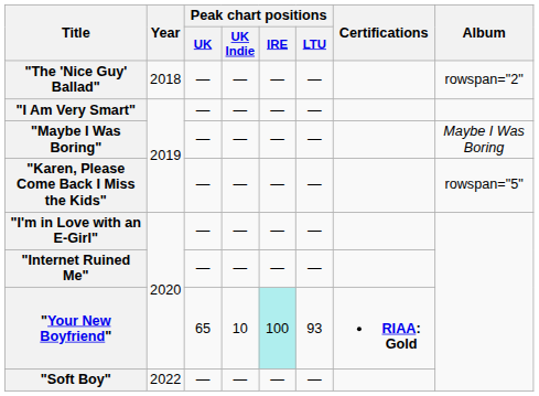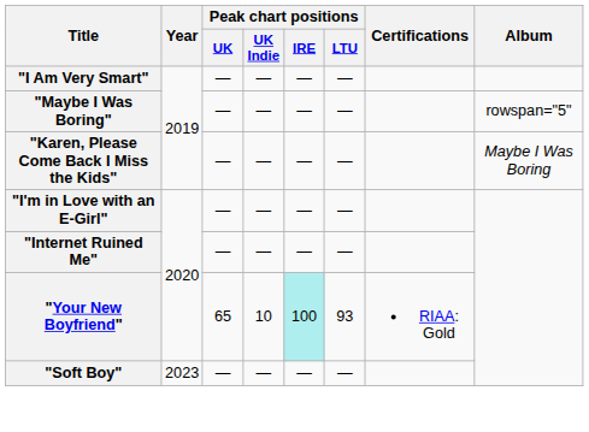 <table class="wikitable plainrowheaders" style="text-align:center;">
 <tr>
 <th scope="col" rowspan="2">Title</th>
 <th scope="col" rowspan="2">Year</th>
 <th scope="col" colspan="4">Peak chart positions</th>
 <th scope="col" rowspan="2">Certifications</th>
 <th scope="col" rowspan="2">Album</th>
 </tr>
 <tr>
 <th scope="col" style="width:2.5em;font-size:90%;"><a href='#'>UK</a><br></th>
 <th scope="col" style="width:2.5em;font-size:90%;"><a href='#'>UK Indie</a><br></th>
 <th scope="col" style="width:2.5em;font-size:90%;"><a href='#'>IRE</a><br></th>
 <th scope="col" style="width:2.5em;font-size:90%;"><a href='#'>LTU</a><br></th>
-</tr>
-<tr>
-<th scope="row">"The 'Nice Guy' Ballad"</th>
-<td>2018</td>
-<td>—</td>
-<td>—</td>
-<td>—</td>
-<td>—</td>
-<td></td>
-<td>rowspan="2" </td>
 </tr>
 <tr>
 <th scope="row">"I Am Very Smart"</th>
 <td rowspan="3">2019</td>
 <td>—</td>
 <td>—</td>
 <td>—</td>
 <td>—</td>
 <td></td>
 </tr>
 <tr>
 <th scope="row">"Maybe I Was Boring"</th>
 <td>—</td>
 <td>—</td>
 <td>—</td>
 <td>—</td>
 <td></td>
-<td><em>Maybe I Was Boring</em></td>
+<td>rowspan="5" </td>
 </tr>
 <tr>
 <th scope="row">"Karen, Please Come Back I Miss the Kids"</th>
 <td>—</td>
 <td>—</td>
 <td>—</td>
 <td>—</td>
 <td></td>
-<td>rowspan="5" </td>
+<td><em>Maybe I Was Boring</em></td>
 </tr>
 <tr>
 <th scope="row">"I'm in Love with an E-Girl"</th>
 <td rowspan="3">2020</td>
 <td>—</td>
 <td>—</td>
 <td>—</td>
 <td>—</td>
 <td></td>
 </tr>
 <tr>
 <th scope="row">"Internet Ruined Me"</th>
 <td>—</td>
 <td>—</td>
 <td>—</td>
 <td>—</td>
 <td></td>
 </tr>
 <tr>
 <th scope="row">"<a href='#'>Your New Boyfriend</a>"</th>
 <td>65</td>
 <td>10</td>
 <td style="background: paleturquoise;">100</td>
 <td>93</td>
-<td><strong><br><ul><li><a href='#'>RIAA</a>: Gold</li></ul></strong></td>
+<td><br><ul><li><a href='#'>RIAA</a>: Gold</li></ul></td>
 </tr>
 <tr>
 <th scope="row">"Soft Boy"</th>
-<td rowspan="1">2022</td>
+<td rowspan="1">2023</td>
 <td>—</td>
 <td>—</td>
 <td>—</td>
 <td>—</td>
 <td></td>
 </tr>
 </table>
